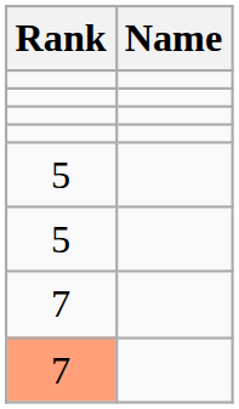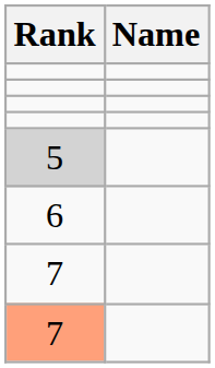 <table class="wikitable" style="font-size:95%; text-align:center;">
 <tr>
 <th>Rank</th>
 <th>Name</th>
 </tr>
 <tr>
 <td></td>
 <td align=left></td>
 </tr>
 <tr>
 <td></td>
 <td align=left></td>
 </tr>
 <tr>
 <td></td>
 <td align=left></td>
 </tr>
 <tr>
 <td></td>
 <td align=left></td>
 </tr>
 <tr>
-<td>5</td>
+<td style="background: lightgrey;">5</td>
 <td align=left></td>
 </tr>
 <tr>
-<td>5</td>
+<td>6</td>
 <td align=left></td>
 </tr>
 <tr>
 <td>7</td>
 <td align=left></td>
 </tr>
 <tr>
 <td style="background: lightsalmon;">7</td>
 <td align=left></td>
 </tr>
 </table>
